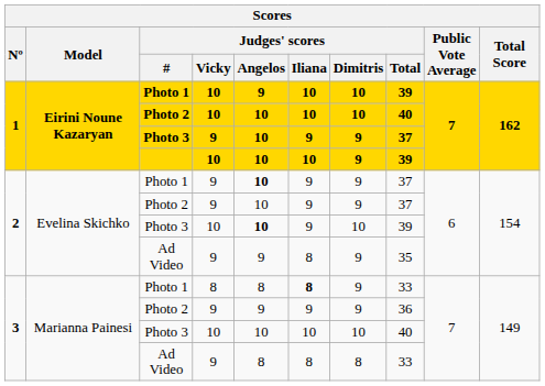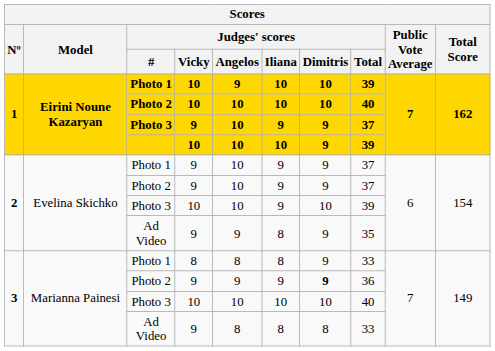 <table class="wikitable" style="text-align:center;">
 <tr>
 <th colspan="10">Scores</th>
 </tr>
 <tr>
 <th rowspan="2">Nº</th>
 <th rowspan="2">Model</th>
 <th colspan="6">Judges' scores</th>
 <th rowspan="2">Public<br>Vote<br>Average</th>
 <th rowspan="2">Total Score</th>
 </tr>
 <tr>
 <th>#</th>
 <th>Vicky</th>
 <th>Angelos</th>
 <th>Iliana</th>
 <th>Dimitris</th>
 <th>Total</th>
 </tr>
 <tr>
 <th rowspan="4" style="background:gold">1</th>
 <th rowspan="4" style="background:gold">Eirini Noune Kazaryan</th>
 <th style="background:gold">Photo 1</th>
 <th style="background:gold">10</th>
 <th style="background:gold">9</th>
 <th style="background:gold">10</th>
 <th style="background:gold">10</th>
 <th style="background:gold">39</th>
 <th rowspan="4" style="background:gold">7</th>
 <th rowspan="4" style="background:gold">162</th>
 </tr>
 <tr>
 <th style="background:gold">Photo 2</th>
 <th style="background:gold">10</th>
 <th style="background:gold">10</th>
 <th style="background:gold">10</th>
 <th style="background:gold">10</th>
 <th style="background:gold">40</th>
 </tr>
 <tr>
 <th style="background:gold">Photo 3</th>
 <th style="background:gold">9</th>
 <th style="background:gold">10</th>
 <th style="background:gold">9</th>
 <th style="background:gold">9</th>
 <th style="background:gold">37</th>
 </tr>
 <tr>
 <th style="background:gold"></th>
 <th style="background:gold">10</th>
 <th style="background:gold">10</th>
 <th style="background:gold">10</th>
 <th style="background:gold">9</th>
 <th style="background:gold">39</th>
 </tr>
 <tr>
 <td rowspan="4"><strong>2</strong></td>
 <td rowspan="4">Evelina Skichko</td>
 <td>Photo 1</td>
 <td>9</td>
-<td><strong>10</strong></td>
+<td>10</td>
 <td>9</td>
 <td>9</td>
 <td>37</td>
 <td rowspan="4">6</td>
 <td rowspan="4">154</td>
 </tr>
 <tr>
 <td>Photo 2</td>
 <td>9</td>
 <td>10</td>
 <td>9</td>
 <td>9</td>
 <td>37</td>
 </tr>
 <tr>
 <td>Photo 3</td>
 <td>10</td>
-<td><strong>10</strong></td>
+<td>10</td>
 <td>9</td>
 <td>10</td>
 <td>39</td>
 </tr>
 <tr>
 <td>Ad Video</td>
 <td>9</td>
 <td>9</td>
 <td>8</td>
 <td>9</td>
 <td>35</td>
 </tr>
 <tr>
 <td rowspan="4"><strong>3</strong></td>
 <td rowspan="4">Marianna Painesi</td>
 <td>Photo 1</td>
 <td>8</td>
 <td>8</td>
-<td><strong>8</strong></td>
+<td>8</td>
 <td>9</td>
 <td>33</td>
 <td rowspan="4">7</td>
 <td rowspan="4">149</td>
 </tr>
 <tr>
 <td>Photo 2</td>
 <td>9</td>
 <td>9</td>
 <td>9</td>
-<td>9</td>
+<td><strong>9</strong></td>
 <td>36</td>
 </tr>
 <tr>
 <td>Photo 3</td>
 <td>10</td>
 <td>10</td>
 <td>10</td>
 <td>10</td>
 <td>40</td>
 </tr>
 <tr>
 <td>Ad Video</td>
 <td>9</td>
 <td>8</td>
 <td>8</td>
 <td>8</td>
 <td>33</td>
 </tr>
 </table>
